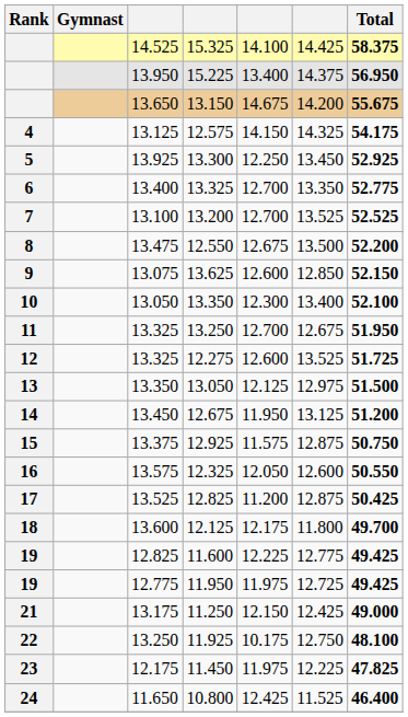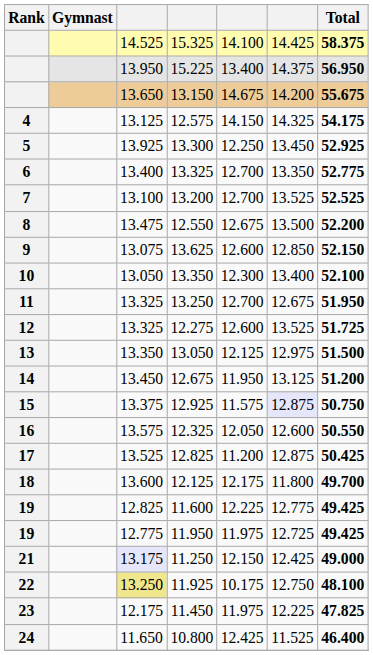 <table class="wikitable sortable" style="text-align:center; font-size:95%">
 <tr>
 <th>Rank</th>
 <th>Gymnast</th>
 <th></th>
 <th></th>
 <th></th>
 <th></th>
 <th>Total</th>
 </tr>
 <tr bgcolor=fffcaf>
 <th scope=row></th>
 <td align=left></td>
 <td>14.525</td>
 <td>15.325</td>
 <td>14.100</td>
 <td>14.425</td>
 <td><strong>58.375</strong></td>
 </tr>
 <tr bgcolor=e5e5e5>
 <th scope=row></th>
 <td align=left></td>
 <td>13.950</td>
 <td>15.225</td>
 <td>13.400</td>
 <td>14.375</td>
 <td><strong>56.950</strong></td>
 </tr>
 <tr bgcolor=eecc99>
 <th scope=row></th>
 <td align=left></td>
 <td>13.650</td>
 <td>13.150</td>
 <td>14.675</td>
 <td>14.200</td>
 <td><strong>55.675</strong></td>
 </tr>
 <tr>
 <th scope=row>4</th>
 <td align=left></td>
 <td>13.125</td>
 <td>12.575</td>
 <td>14.150</td>
 <td>14.325</td>
 <td><strong>54.175</strong></td>
 </tr>
 <tr>
 <th scope=row>5</th>
 <td align=left></td>
 <td>13.925</td>
 <td>13.300</td>
 <td>12.250</td>
 <td>13.450</td>
 <td><strong>52.925</strong></td>
 </tr>
 <tr>
 <th scope=row>6</th>
 <td align=left></td>
 <td>13.400</td>
 <td>13.325</td>
 <td>12.700</td>
 <td>13.350</td>
 <td><strong>52.775</strong></td>
 </tr>
 <tr>
 <th scope=row>7</th>
 <td align=left></td>
 <td>13.100</td>
 <td>13.200</td>
 <td>12.700</td>
 <td>13.525</td>
 <td><strong>52.525</strong></td>
 </tr>
 <tr>
 <th scope=row>8</th>
 <td align=left></td>
 <td>13.475</td>
 <td>12.550</td>
 <td>12.675</td>
 <td>13.500</td>
 <td><strong>52.200</strong></td>
 </tr>
 <tr>
 <th scope=row>9</th>
 <td align=left></td>
 <td>13.075</td>
 <td>13.625</td>
 <td>12.600</td>
 <td>12.850</td>
 <td><strong>52.150</strong></td>
 </tr>
 <tr>
 <th scope=row>10</th>
 <td align=left></td>
 <td>13.050</td>
 <td>13.350</td>
 <td>12.300</td>
 <td>13.400</td>
 <td><strong>52.100</strong></td>
 </tr>
 <tr>
 <th scope=row>11</th>
 <td align=left></td>
 <td>13.325</td>
 <td>13.250</td>
 <td>12.700</td>
 <td>12.675</td>
 <td><strong>51.950</strong></td>
 </tr>
 <tr>
 <th scope=row>12</th>
 <td align=left></td>
 <td>13.325</td>
 <td>12.275</td>
 <td>12.600</td>
 <td>13.525</td>
 <td><strong>51.725</strong></td>
 </tr>
 <tr>
 <th scope=row>13</th>
 <td align=left></td>
 <td>13.350</td>
 <td>13.050</td>
 <td>12.125</td>
 <td>12.975</td>
 <td><strong>51.500</strong></td>
 </tr>
 <tr>
 <th scope=row>14</th>
 <td align=left></td>
 <td>13.450</td>
 <td>12.675</td>
 <td>11.950</td>
 <td>13.125</td>
 <td><strong>51.200</strong></td>
 </tr>
 <tr>
 <th scope=row>15</th>
 <td align=left></td>
 <td>13.375</td>
 <td>12.925</td>
 <td>11.575</td>
-<td>12.875</td>
+<td style="background: lavender;">12.875</td>
 <td><strong>50.750</strong></td>
 </tr>
 <tr>
 <th scope=row>16</th>
 <td align=left></td>
 <td>13.575</td>
 <td>12.325</td>
 <td>12.050</td>
 <td>12.600</td>
 <td><strong>50.550</strong></td>
 </tr>
 <tr>
 <th scope=row>17</th>
 <td align=left></td>
 <td>13.525</td>
 <td>12.825</td>
 <td>11.200</td>
 <td>12.875</td>
 <td><strong>50.425</strong></td>
 </tr>
 <tr>
 <th scope=row>18</th>
 <td align=left></td>
 <td>13.600</td>
 <td>12.125</td>
 <td>12.175</td>
 <td>11.800</td>
 <td><strong>49.700</strong></td>
 </tr>
 <tr>
 <th scope=row>19</th>
 <td align=left></td>
 <td>12.825</td>
 <td>11.600</td>
 <td>12.225</td>
 <td>12.775</td>
 <td><strong>49.425</strong></td>
 </tr>
 <tr>
 <th scope=row>19</th>
 <td align=left></td>
 <td>12.775</td>
 <td>11.950</td>
 <td>11.975</td>
 <td>12.725</td>
 <td><strong>49.425</strong></td>
 </tr>
 <tr>
 <th scope=row>21</th>
 <td align=left></td>
-<td>13.175</td>
+<td style="background: lavender;">13.175</td>
 <td>11.250</td>
 <td>12.150</td>
 <td>12.425</td>
 <td><strong>49.000</strong></td>
 </tr>
 <tr>
 <th scope=row>22</th>
 <td align=left></td>
-<td>13.250</td>
+<td style="background: khaki;">13.250</td>
 <td>11.925</td>
 <td>10.175</td>
 <td>12.750</td>
 <td><strong>48.100</strong></td>
 </tr>
 <tr>
 <th scope=row>23</th>
 <td align=left></td>
 <td>12.175</td>
 <td>11.450</td>
 <td>11.975</td>
 <td>12.225</td>
 <td><strong>47.825</strong></td>
 </tr>
 <tr>
 <th scope=row>24</th>
 <td align=left></td>
 <td>11.650</td>
 <td>10.800</td>
 <td>12.425</td>
 <td>11.525</td>
 <td><strong>46.400</strong></td>
 </tr>
 <tr>
 </tr>
 </table>
